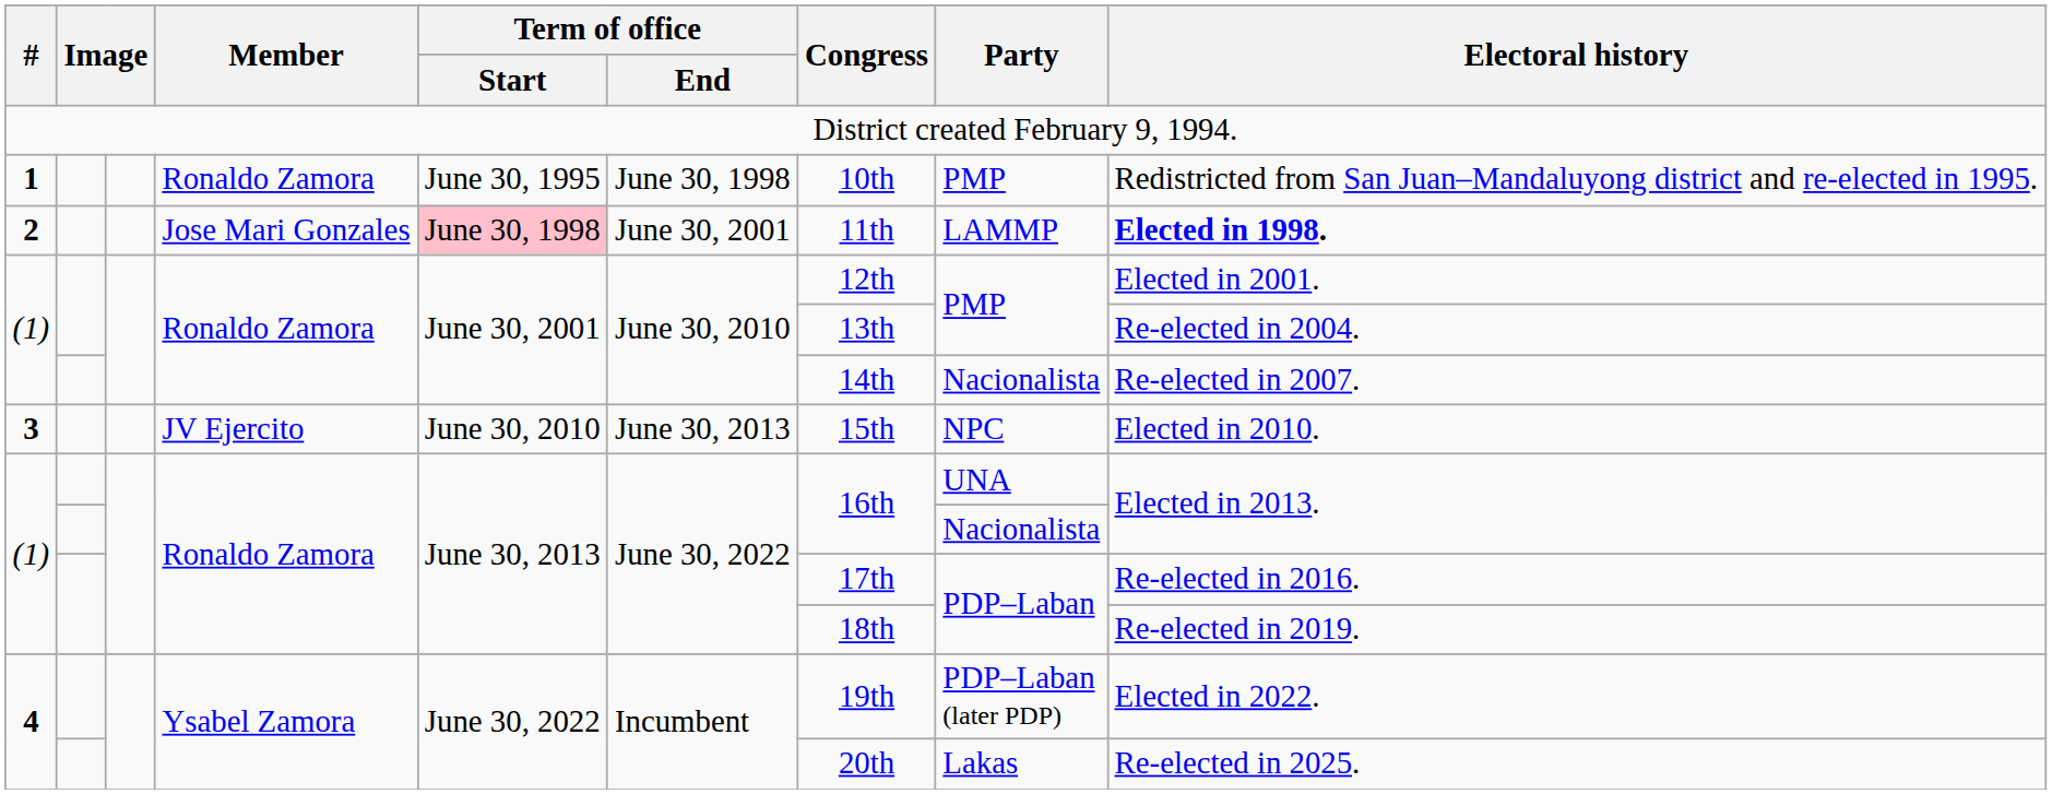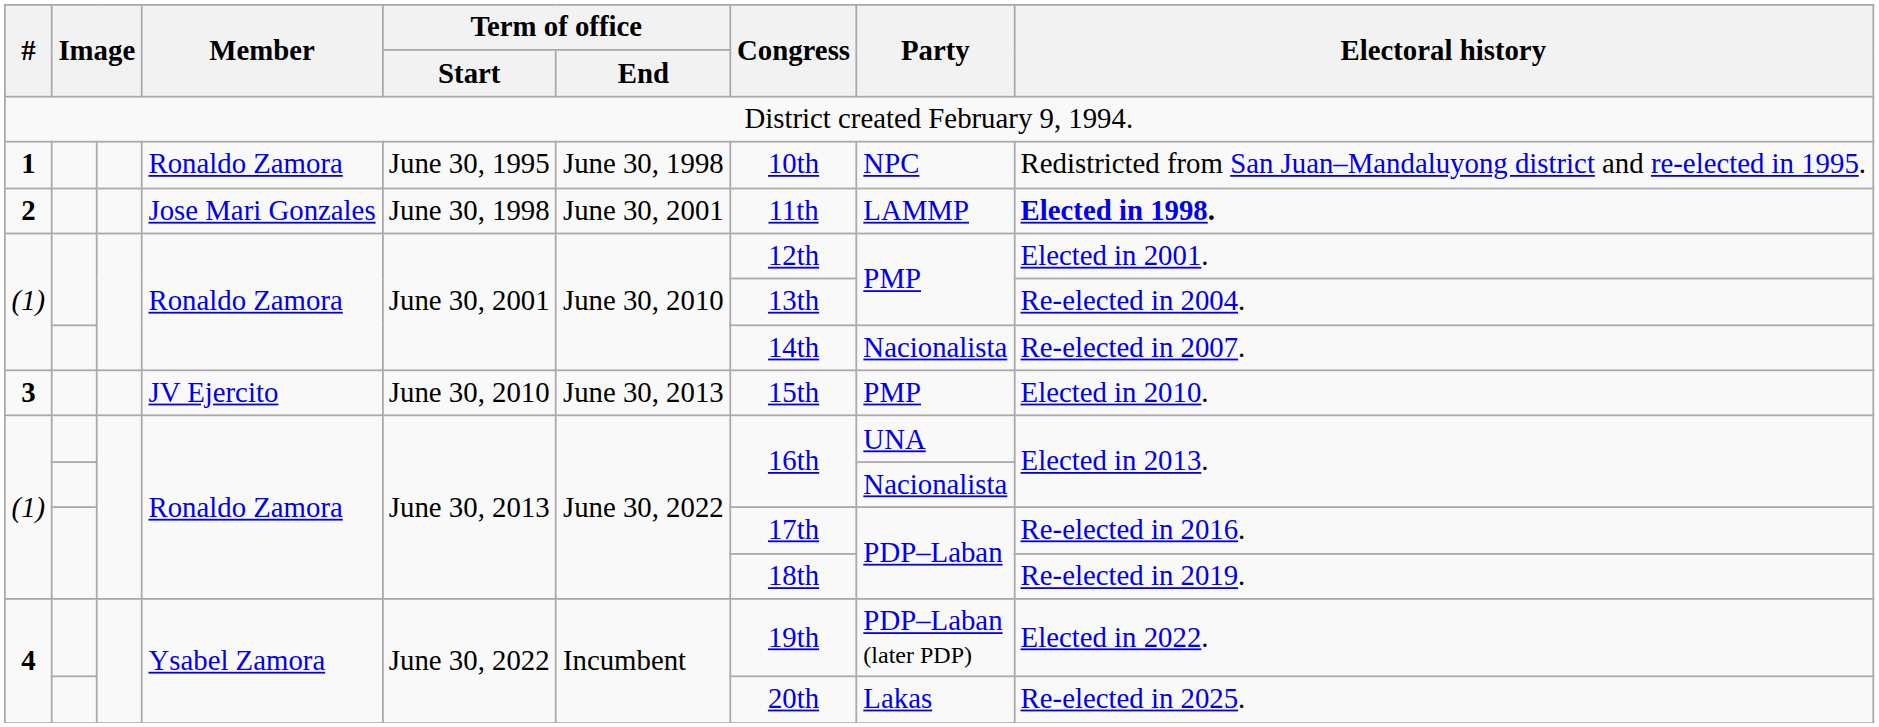 <table class="wikitable">
 <tr>
 <th rowspan="2">#</th>
 <th colspan="2" rowspan="2">Image</th>
 <th rowspan="2">Member</th>
 <th colspan="2">Term of office</th>
 <th rowspan="2">Congress</th>
 <th rowspan="2">Party</th>
 <th rowspan="2">Electoral history</th>
 </tr>
 <tr>
 <th>Start</th>
 <th>End</th>
 </tr>
 <tr>
 <td colspan="9" style="text-align:center;">District created February 9, 1994.</td>
 </tr>
 <tr>
 <td style="text-align:center;"><strong>1</strong></td>
 <td style="color:inherit;background:"></td>
 <td></td>
 <td><a href='#'>Ronaldo Zamora</a></td>
 <td>June 30, 1995</td>
 <td>June 30, 1998</td>
 <td style="text-align:center;"><a href='#'>10th</a></td>
-<td><a href='#'>PMP</a></td>
+<td><a href='#'>NPC</a></td>
 <td>Redistricted from <a href='#'>San Juan–Mandaluyong district</a> and <a href='#'>re-elected in 1995</a>. </td>
 </tr>
 <tr>
 <td style="text-align:center;"><strong>2</strong></td>
 <td style="color:inherit;background:"></td>
 <td></td>
 <td><a href='#'>Jose Mari Gonzales</a></td>
-<td style="background: pink;">June 30, 1998</td>
+<td>June 30, 1998</td>
 <td>June 30, 2001</td>
 <td style="text-align:center;"><a href='#'>11th</a></td>
 <td><a href='#'>LAMMP</a></td>
 <td><strong><a href='#'>Elected in 1998</a>.</strong></td>
 </tr>
 <tr>
 <td rowspan="3" style="text-align:center;"><em>(1)</em></td>
 <td rowspan="2" style="color:inherit;background:"></td>
 <td rowspan="3"></td>
 <td rowspan="3"><a href='#'>Ronaldo Zamora</a></td>
 <td rowspan="3">June 30, 2001</td>
 <td rowspan="3">June 30, 2010</td>
 <td style="text-align:center;"><a href='#'>12th</a></td>
 <td rowspan="2"><a href='#'>PMP</a></td>
 <td><a href='#'>Elected in 2001</a>.</td>
 </tr>
 <tr>
 <td style="text-align:center;"><a href='#'>13th</a></td>
 <td><a href='#'>Re-elected in 2004</a>.</td>
 </tr>
 <tr>
 <td style="color:inherit;background:"></td>
 <td style="text-align:center;"><a href='#'>14th</a></td>
 <td><a href='#'>Nacionalista</a></td>
 <td><a href='#'>Re-elected in 2007</a>.</td>
 </tr>
 <tr>
 <td style="text-align:center;"><strong>3</strong></td>
 <td style="color:inherit;background:"></td>
 <td></td>
 <td><a href='#'>JV Ejercito</a></td>
 <td>June 30, 2010</td>
 <td>June 30, 2013</td>
 <td style="text-align:center;"><a href='#'>15th</a></td>
-<td><a href='#'>NPC</a></td>
+<td><a href='#'>PMP</a></td>
 <td><a href='#'>Elected in 2010</a>.</td>
 </tr>
 <tr>
 <td rowspan="4" style="text-align:center;"><em>(1)</em></td>
 <td style="color:inherit;background:"></td>
 <td rowspan="4"></td>
 <td rowspan="4"><a href='#'>Ronaldo Zamora</a></td>
 <td rowspan="4">June 30, 2013</td>
 <td rowspan="4">June 30, 2022</td>
 <td style="text-align:center;" rowspan="2"><a href='#'>16th</a></td>
 <td><a href='#'>UNA</a></td>
 <td rowspan="2"><a href='#'>Elected in 2013</a>.</td>
 </tr>
 <tr>
 <td style="color:inherit;background:"></td>
 <td><a href='#'>Nacionalista</a></td>
 </tr>
 <tr>
 <td rowspan="2" style="color:inherit;background:"></td>
 <td style="text-align:center;"><a href='#'>17th</a></td>
 <td rowspan="2"><a href='#'>PDP–Laban</a></td>
 <td><a href='#'>Re-elected in 2016</a>.</td>
 </tr>
 <tr>
 <td style="text-align:center;"><a href='#'>18th</a></td>
 <td><a href='#'>Re-elected in 2019</a>.</td>
 </tr>
 <tr>
 <td style="text-align:center;" rowspan="2"><strong>4</strong></td>
 <td style="color:inherit;background:"></td>
 <td rowspan="2"></td>
 <td rowspan="2"><a href='#'>Ysabel Zamora</a></td>
 <td rowspan="2">June 30, 2022</td>
 <td rowspan="2">Incumbent</td>
 <td style="text-align:center;"><a href='#'>19th</a></td>
 <td><a href='#'>PDP–Laban</a> <br><small>(later PDP)</small></td>
 <td><a href='#'>Elected in 2022</a>.</td>
 </tr>
 <tr>
 <td style="color:inherit;background:"></td>
 <td style="text-align:center;"><a href='#'>20th</a></td>
 <td><a href='#'>Lakas</a></td>
 <td><a href='#'>Re-elected in 2025</a>.</td>
 </tr>
 </table>
